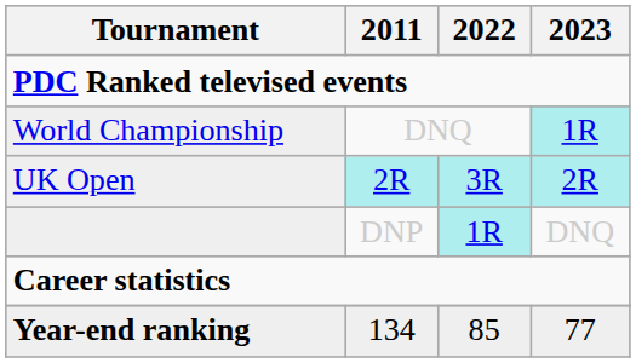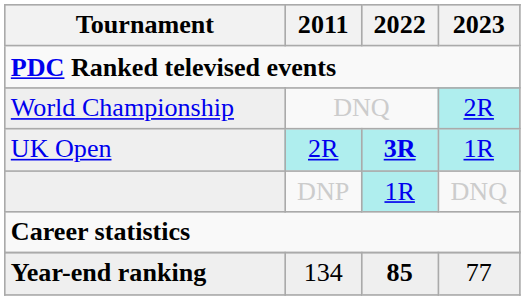 <table class="wikitable" style="width:20%; margin:0">
 <tr>
 <th>Tournament</th>
 <th>2011</th>
 <th>2022</th>
 <th>2023</th>
 </tr>
 <tr>
 <td colspan="31" align="left"><strong><a href='#'>PDC</a> Ranked televised events</strong></td>
 </tr>
 <tr>
 <td style="background:#efefef;"><a href='#'>World Championship</a></td>
 <td colspan="2" style="text-align:center; color:#ccc;">DNQ</td>
-<td style="text-align:center; background:#afeeee;"><a href='#'>1R</a></td>
+<td style="text-align:center; background:#afeeee;"><a href='#'>2R</a></td>
 </tr>
 <tr>
 <td style="background:#efefef;"><a href='#'>UK Open</a></td>
 <td style="text-align:center; background:#afeeee;"><a href='#'>2R</a></td>
-<td style="text-align:center; background:#afeeee;"><a href='#'>3R</a></td>
-<td style="text-align:center; background:#afeeee;"><a href='#'>2R</a></td>
+<td style="text-align:center; background:#afeeee;"><strong><a href='#'>3R</a></strong></td>
+<td style="text-align:center; background:#afeeee;"><a href='#'>1R</a></td>
 </tr>
 <tr>
 <td style="background:#efefef;"></td>
 <td style="text-align:center; color:#ccc;">DNP</td>
 <td style="text-align:center; background:#afeeee;"><a href='#'>1R</a></td>
 <td style="text-align:center; color:#ccc;">DNQ</td>
 </tr>
 <tr>
 <td colspan="14" align="left"><strong>Career statistics</strong></td>
 </tr>
 <tr>
 </tr>
 <tr bgcolor="efefef">
 <td align="left"><strong>Year-end ranking</strong></td>
 <td style="text-align:center;">134</td>
-<td style="text-align:center;">85</td>
+<td style="text-align:center;"><strong>85</strong></td>
 <td style="text-align:center;">77</td>
 </tr>
 </table>
